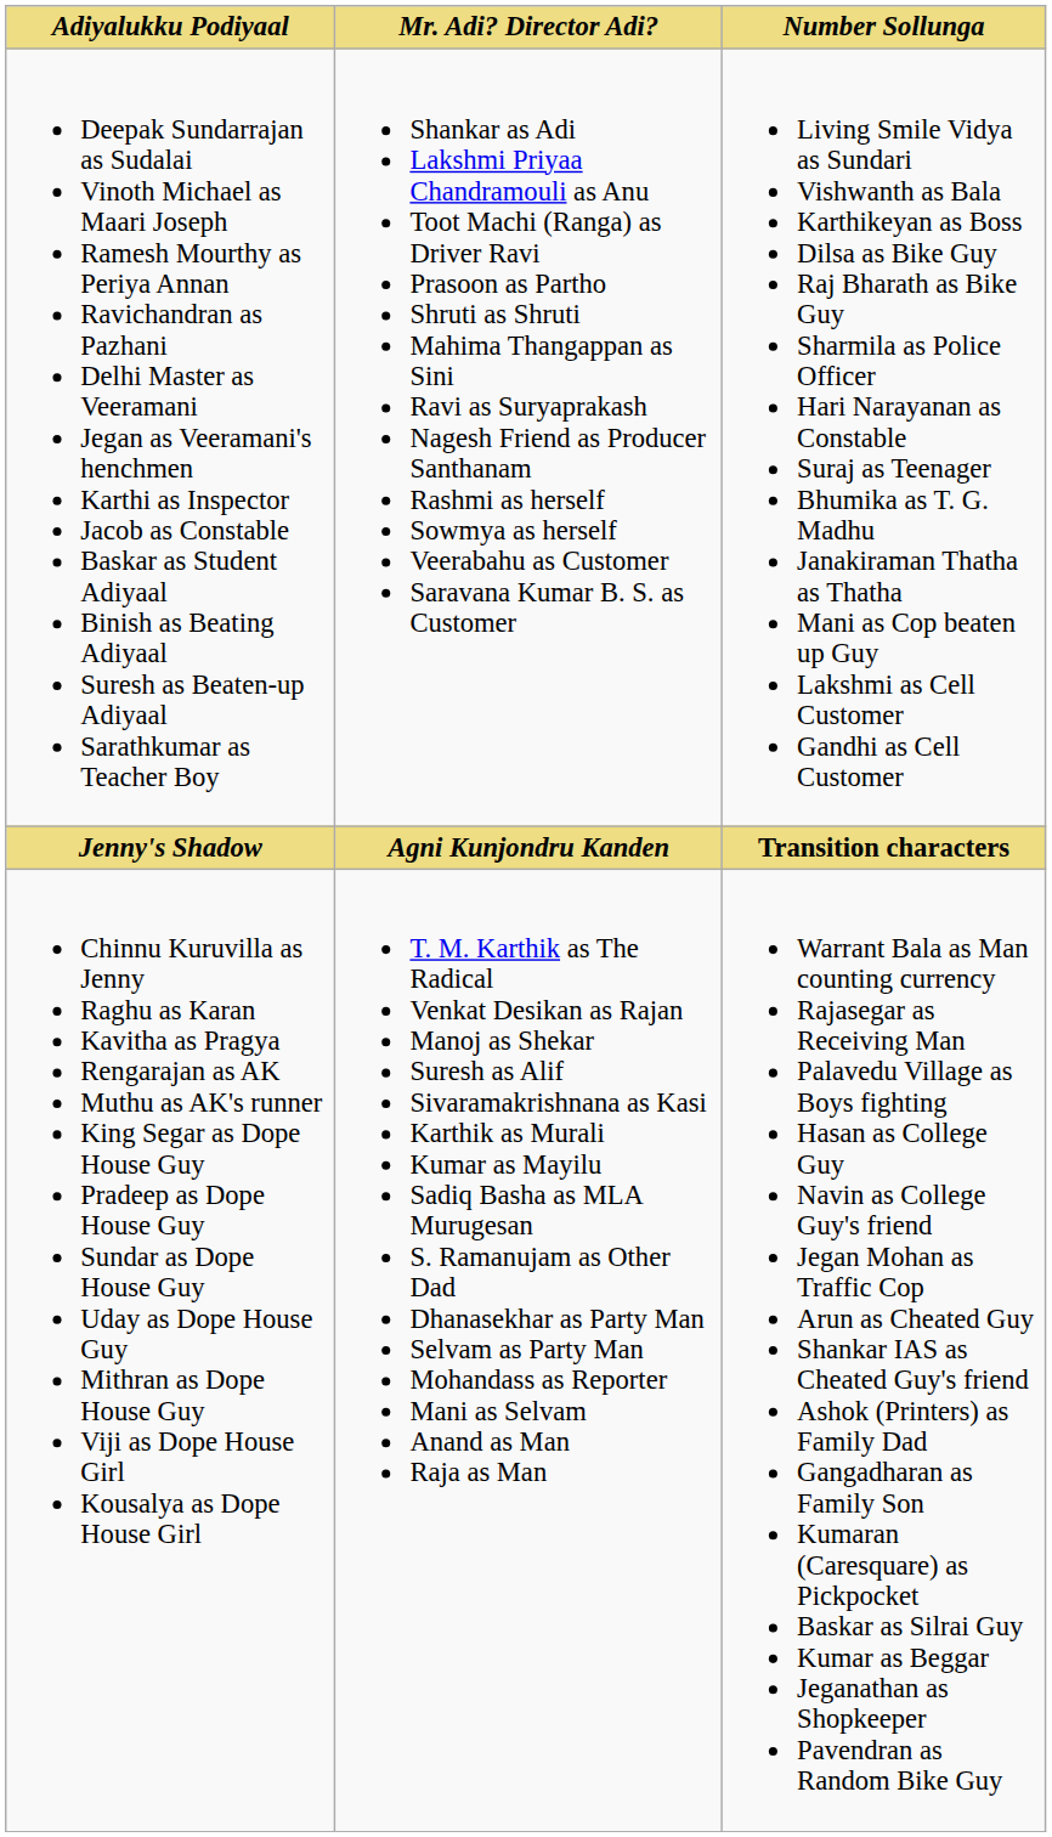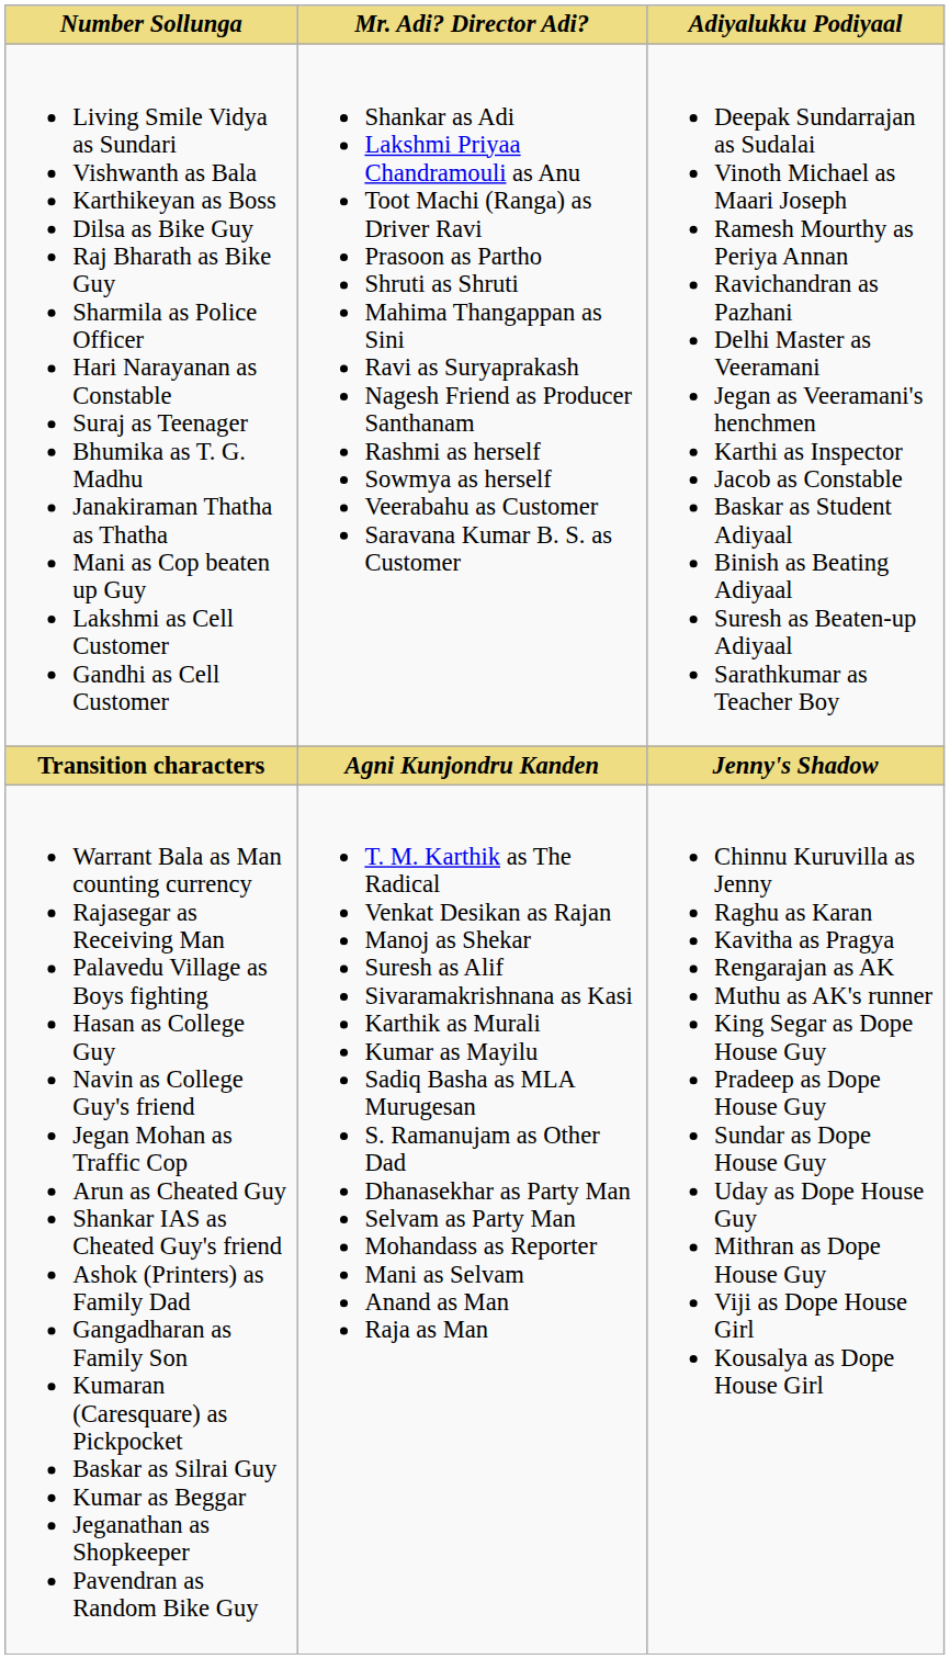 <table class=wikitable>
 <tr>
+<th style="background:#EEDD82; width:10%"><em>Number Sollunga</em></th>
+<th style="background:#EEDD82; width:10%"><em>Mr. Adi? Director Adi?</em></th>
 <th style="background:#EEDD82; width:10%"><em>Adiyalukku Podiyaal</em></th>
-<th style="background:#EEDD82; width:10%"><em>Mr. Adi? Director Adi?</em></th>
-<th style="background:#EEDD82; width:10%"><em>Number Sollunga</em></th>
 </tr>
 <tr>
+<td valign="top"><br><ul><li>Living Smile Vidya as Sundari</li><li>Vishwanth as Bala</li><li>Karthikeyan as Boss</li><li>Dilsa as Bike Guy</li><li>Raj Bharath as Bike Guy</li><li>Sharmila as Police Officer</li><li>Hari Narayanan as Constable</li><li>Suraj as Teenager</li><li>Bhumika as T. G. Madhu</li><li>Janakiraman Thatha as Thatha</li><li>Mani as Cop beaten up Guy</li><li>Lakshmi as Cell Customer</li><li>Gandhi as Cell Customer</li></ul></td>
+<td valign="top"><br><ul><li>Shankar as Adi</li><li><a href='#'>Lakshmi Priyaa Chandramouli</a> as Anu</li><li>Toot Machi (Ranga) as Driver Ravi</li><li>Prasoon as Partho</li><li>Shruti as Shruti</li><li>Mahima Thangappan as Sini</li><li>Ravi as Suryaprakash</li><li>Nagesh Friend as Producer Santhanam</li><li>Rashmi as herself</li><li>Sowmya as herself</li><li>Veerabahu as Customer</li><li>Saravana Kumar B. S. as Customer</li></ul></td>
 <td valign="top"><br><ul><li>Deepak Sundarrajan as Sudalai</li><li>Vinoth Michael as Maari Joseph</li><li>Ramesh Mourthy as Periya Annan</li><li>Ravichandran as Pazhani</li><li>Delhi Master as Veeramani</li><li>Jegan as Veeramani's henchmen</li><li>Karthi as Inspector</li><li>Jacob as Constable</li><li>Baskar as Student Adiyaal</li><li>Binish as Beating Adiyaal</li><li>Suresh as Beaten-up Adiyaal</li><li>Sarathkumar as Teacher Boy</li></ul></td>
-<td valign="top"><br><ul><li>Shankar as Adi</li><li><a href='#'>Lakshmi Priyaa Chandramouli</a> as Anu</li><li>Toot Machi (Ranga) as Driver Ravi</li><li>Prasoon as Partho</li><li>Shruti as Shruti</li><li>Mahima Thangappan as Sini</li><li>Ravi as Suryaprakash</li><li>Nagesh Friend as Producer Santhanam</li><li>Rashmi as herself</li><li>Sowmya as herself</li><li>Veerabahu as Customer</li><li>Saravana Kumar B. S. as Customer</li></ul></td>
-<td valign="top"><br><ul><li>Living Smile Vidya as Sundari</li><li>Vishwanth as Bala</li><li>Karthikeyan as Boss</li><li>Dilsa as Bike Guy</li><li>Raj Bharath as Bike Guy</li><li>Sharmila as Police Officer</li><li>Hari Narayanan as Constable</li><li>Suraj as Teenager</li><li>Bhumika as T. G. Madhu</li><li>Janakiraman Thatha as Thatha</li><li>Mani as Cop beaten up Guy</li><li>Lakshmi as Cell Customer</li><li>Gandhi as Cell Customer</li></ul></td>
 </tr>
 <tr>
+<th style="background:#EEDD82; width:10%">Transition characters</th>
+<th style="background:#EEDD82; width:10%"><em>Agni Kunjondru Kanden</em></th>
 <th style="background:#EEDD82; width:10%"><em>Jenny's Shadow</em></th>
-<th style="background:#EEDD82; width:10%"><em>Agni Kunjondru Kanden</em></th>
-<th style="background:#EEDD82; width:10%">Transition characters</th>
 </tr>
 <tr>
+<td valign="top"><br><ul><li>Warrant Bala as Man counting currency</li><li>Rajasegar as Receiving Man</li><li>Palavedu Village as Boys fighting</li><li>Hasan as College Guy</li><li>Navin as College Guy's friend</li><li>Jegan Mohan as Traffic Cop</li><li>Arun as Cheated Guy</li><li>Shankar IAS as Cheated Guy's friend</li><li>Ashok (Printers) as Family Dad</li><li>Gangadharan as Family Son</li><li>Kumaran (Caresquare) as Pickpocket</li><li>Baskar as Silrai Guy</li><li>Kumar as Beggar</li><li>Jeganathan as Shopkeeper</li><li>Pavendran as Random Bike Guy</li></ul></td>
+<td valign="top"><br><ul><li><a href='#'>T. M. Karthik</a> as The Radical</li><li>Venkat Desikan as Rajan</li><li>Manoj as Shekar</li><li>Suresh as Alif</li><li>Sivaramakrishnana as Kasi</li><li>Karthik as Murali</li><li>Kumar as Mayilu</li><li>Sadiq Basha as MLA Murugesan</li><li>S. Ramanujam as Other Dad</li><li>Dhanasekhar as Party Man</li><li>Selvam as Party Man</li><li>Mohandass as Reporter</li><li>Mani as Selvam</li><li>Anand as Man</li><li>Raja as Man</li></ul></td>
 <td valign="top"><br><ul><li>Chinnu Kuruvilla as Jenny</li><li>Raghu as Karan</li><li>Kavitha as Pragya</li><li>Rengarajan as AK</li><li>Muthu as AK's runner</li><li>King Segar as Dope House Guy</li><li>Pradeep as Dope House Guy</li><li>Sundar as Dope House Guy</li><li>Uday as Dope House Guy</li><li>Mithran as Dope House Guy</li><li>Viji as Dope House Girl</li><li>Kousalya as Dope House Girl</li></ul></td>
-<td valign="top"><br><ul><li><a href='#'>T. M. Karthik</a> as The Radical</li><li>Venkat Desikan as Rajan</li><li>Manoj as Shekar</li><li>Suresh as Alif</li><li>Sivaramakrishnana as Kasi</li><li>Karthik as Murali</li><li>Kumar as Mayilu</li><li>Sadiq Basha as MLA Murugesan</li><li>S. Ramanujam as Other Dad</li><li>Dhanasekhar as Party Man</li><li>Selvam as Party Man</li><li>Mohandass as Reporter</li><li>Mani as Selvam</li><li>Anand as Man</li><li>Raja as Man</li></ul></td>
-<td valign="top"><br><ul><li>Warrant Bala as Man counting currency</li><li>Rajasegar as Receiving Man</li><li>Palavedu Village as Boys fighting</li><li>Hasan as College Guy</li><li>Navin as College Guy's friend</li><li>Jegan Mohan as Traffic Cop</li><li>Arun as Cheated Guy</li><li>Shankar IAS as Cheated Guy's friend</li><li>Ashok (Printers) as Family Dad</li><li>Gangadharan as Family Son</li><li>Kumaran (Caresquare) as Pickpocket</li><li>Baskar as Silrai Guy</li><li>Kumar as Beggar</li><li>Jeganathan as Shopkeeper</li><li>Pavendran as Random Bike Guy</li></ul></td>
 </tr>
 </table>
